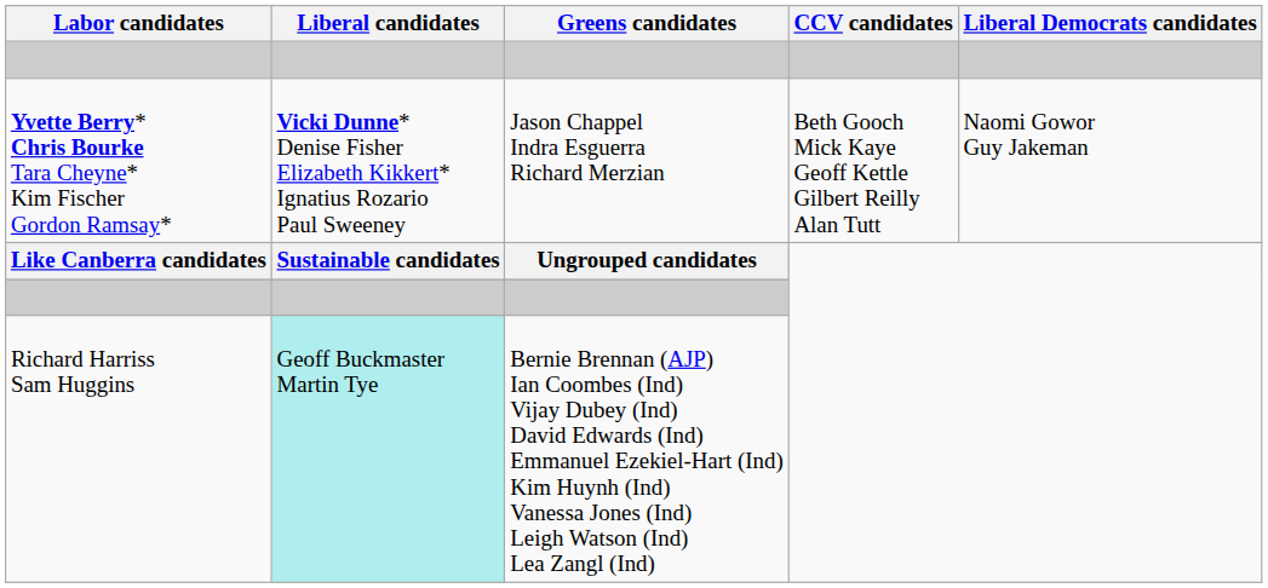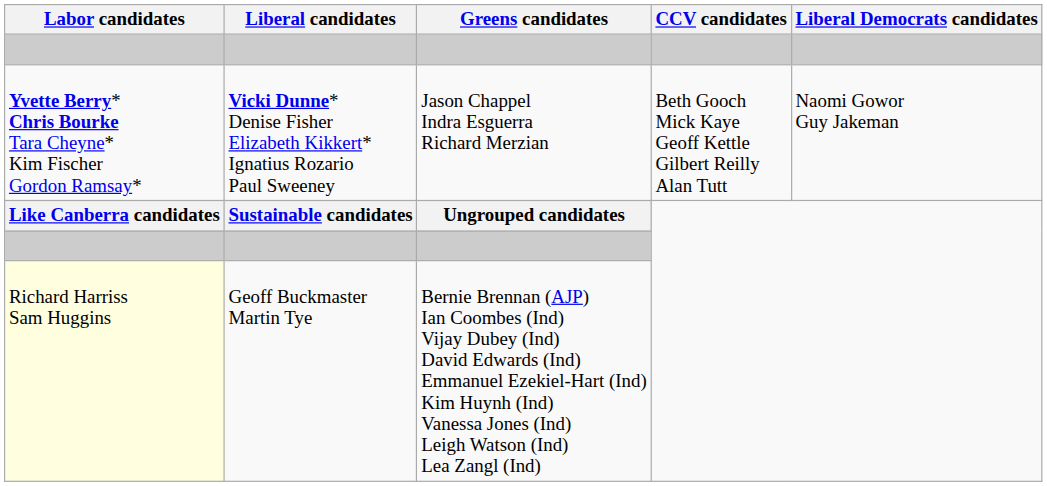 <table class="wikitable">
 <tr>
 <th><a href='#'>Labor</a> candidates</th>
 <th><a href='#'>Liberal</a> candidates</th>
 <th><a href='#'>Greens</a> candidates</th>
 <th><a href='#'>CCV</a> candidates</th>
 <th><a href='#'>Liberal Democrats</a> candidates</th>
 </tr>
 <tr bgcolor="#cccccc">
 <td></td>
 <td></td>
 <td></td>
 <td bgcolor=></td>
 <td> </td>
 </tr>
 <tr>
 <td><br><strong><a href='#'>Yvette Berry</a></strong>*<br> <strong><a href='#'>Chris Bourke</a></strong><br> <a href='#'>Tara Cheyne</a>*<br> Kim Fischer<br> <a href='#'>Gordon Ramsay</a>*</td>
 <td><br><strong><a href='#'>Vicki Dunne</a></strong>*<br> Denise Fisher<br> <a href='#'>Elizabeth Kikkert</a>*<br> Ignatius Rozario<br> Paul Sweeney</td>
 <td valign=top><br>Jason Chappel<br> Indra Esguerra<br> Richard Merzian</td>
 <td valign=top><br>Beth Gooch<br> Mick Kaye<br> Geoff Kettle<br> Gilbert Reilly<br> Alan Tutt</td>
 <td valign=top><br>Naomi Gowor<br> Guy Jakeman</td>
 </tr>
 <tr bgcolor="#cccccc">
 <th><a href='#'>Like Canberra</a> candidates</th>
 <th><a href='#'>Sustainable</a> candidates</th>
 <th>Ungrouped candidates</th>
 </tr>
 <tr bgcolor="#cccccc">
 <td bgcolor=></td>
 <td></td>
 <td> </td>
 </tr>
 <tr>
-<td valign=top><br>Richard Harriss<br> Sam Huggins</td>
-<td valign=top style="background: paleturquoise;"><br>Geoff Buckmaster<br> Martin Tye</td>
+<td valign=top style="background: lightyellow;"><br>Richard Harriss<br> Sam Huggins</td>
+<td valign=top><br>Geoff Buckmaster<br> Martin Tye</td>
 <td valign=top><br>Bernie Brennan (<a href='#'>AJP</a>)<br> Ian Coombes (Ind)<br> Vijay Dubey (Ind)<br> David Edwards (Ind)<br> Emmanuel Ezekiel-Hart (Ind)<br> Kim Huynh (Ind)<br> Vanessa Jones (Ind)<br> Leigh Watson (Ind)<br> Lea Zangl (Ind)</td>
 </tr>
 </table>
